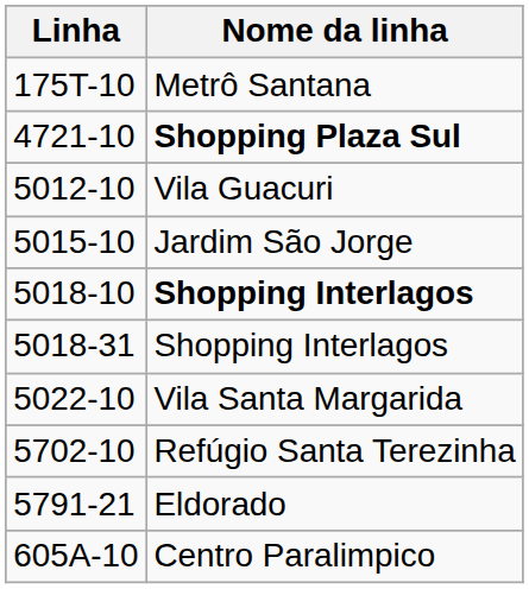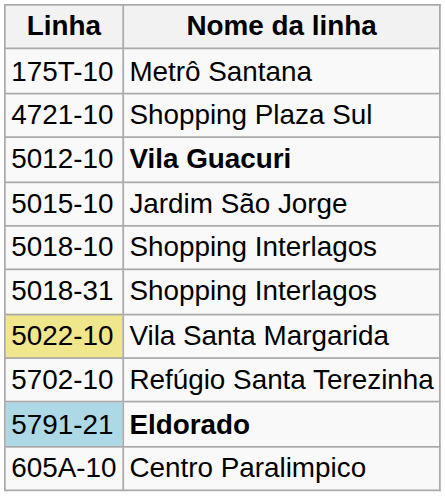 <table class="wikitable">
 <tr>
 <th>Linha</th>
 <th>Nome da linha</th>
 </tr>
 <tr>
 <td>175T-10</td>
 <td>Metrô Santana</td>
 </tr>
 <tr>
 <td>4721-10</td>
-<td><strong>Shopping Plaza Sul</strong></td>
+<td>Shopping Plaza Sul</td>
 </tr>
 <tr>
 <td>5012-10</td>
-<td>Vila Guacuri</td>
+<td><strong>Vila Guacuri</strong></td>
 </tr>
 <tr>
 <td>5015-10</td>
 <td>Jardim São Jorge</td>
 </tr>
 <tr>
 <td>5018-10</td>
-<td><strong>Shopping Interlagos</strong></td>
+<td>Shopping Interlagos</td>
 </tr>
 <tr>
 <td>5018-31</td>
 <td>Shopping Interlagos</td>
 </tr>
 <tr>
-<td>5022-10</td>
+<td style="background: khaki;">5022-10</td>
 <td>Vila Santa Margarida</td>
 </tr>
 <tr>
 <td>5702-10</td>
 <td>Refúgio Santa Terezinha</td>
 </tr>
 <tr>
-<td>5791-21</td>
-<td>Eldorado</td>
+<td style="background: lightblue;">5791-21</td>
+<td><strong>Eldorado</strong></td>
 </tr>
 <tr>
 <td>605A-10</td>
 <td>Centro Paralimpico</td>
 </tr>
 </table>
